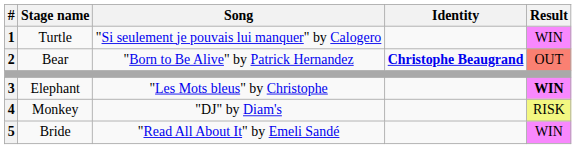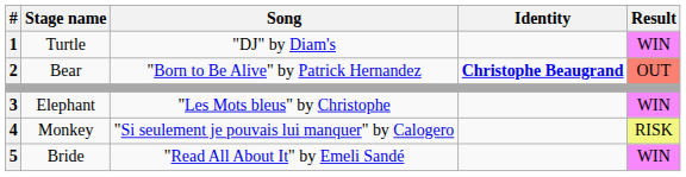 <table class="wikitable plainrowheaders" style="text-align: center;">
 <tr>
 <th>#</th>
 <th>Stage name</th>
 <th>Song</th>
 <th>Identity</th>
 <th>Result</th>
 </tr>
 <tr>
 <th>1</th>
 <td>Turtle</td>
-<td>"<a href='#'>Si seulement je pouvais lui manquer</a>" by <a href='#'>Calogero</a></td>
+<td>"DJ" by <a href='#'>Diam's</a></td>
 <td></td>
 <td bgcolor=#F888FD>WIN</td>
 </tr>
 <tr>
 <th>2</th>
 <td>Bear</td>
 <td>"<a href='#'>Born to Be Alive</a>" by <a href='#'>Patrick Hernandez</a></td>
 <td><strong><a href='#'>Christophe Beaugrand</a></strong></td>
 <td bgcolor=salmon>OUT</td>
 </tr>
 <tr>
 <td colspan="5" style="background:darkgray"></td>
 </tr>
 <tr>
 <th>3</th>
 <td>Elephant</td>
 <td>"<a href='#'>Les Mots bleus</a>" by <a href='#'>Christophe</a></td>
 <td></td>
-<td bgcolor=#F888FD><strong>WIN</strong></td>
+<td bgcolor=#F888FD>WIN</td>
 </tr>
 <tr>
 <th>4</th>
 <td>Monkey</td>
-<td>"DJ" by <a href='#'>Diam's</a></td>
+<td>"<a href='#'>Si seulement je pouvais lui manquer</a>" by <a href='#'>Calogero</a></td>
 <td></td>
 <td bgcolor="#F3F781">RISK</td>
 </tr>
 <tr>
 <th>5</th>
 <td>Bride</td>
 <td>"<a href='#'>Read All About It</a>" by <a href='#'>Emeli Sandé</a></td>
 <td></td>
 <td bgcolor=#F888FD>WIN</td>
 </tr>
 </table>
